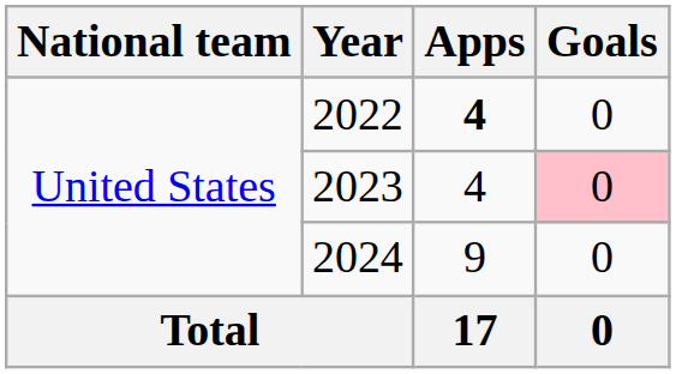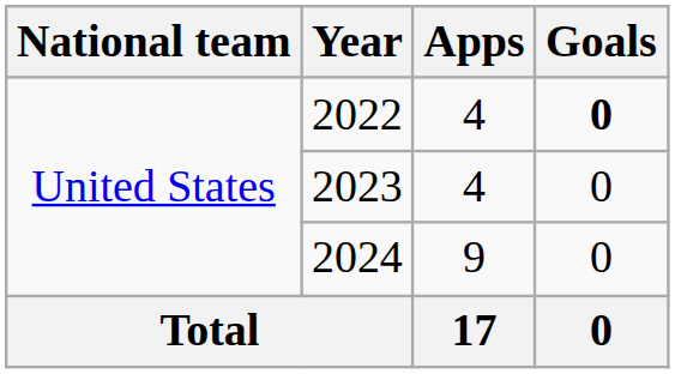 <table class="wikitable" style="text-align:center">
 <tr>
 <th>National team</th>
 <th>Year</th>
 <th>Apps</th>
 <th>Goals</th>
 </tr>
 <tr>
 <td rowspan="3"><a href='#'>United States</a></td>
 <td>2022</td>
-<td><strong>4</strong></td>
-<td>0</td>
+<td>4</td>
+<td><strong>0</strong></td>
 </tr>
 <tr>
 <td>2023</td>
 <td>4</td>
-<td style="background: pink;">0</td>
+<td>0</td>
 </tr>
 <tr>
 <td>2024</td>
 <td>9</td>
 <td>0</td>
 </tr>
 <tr>
 <th colspan="2">Total</th>
 <th>17</th>
 <th>0</th>
 </tr>
 </table>
